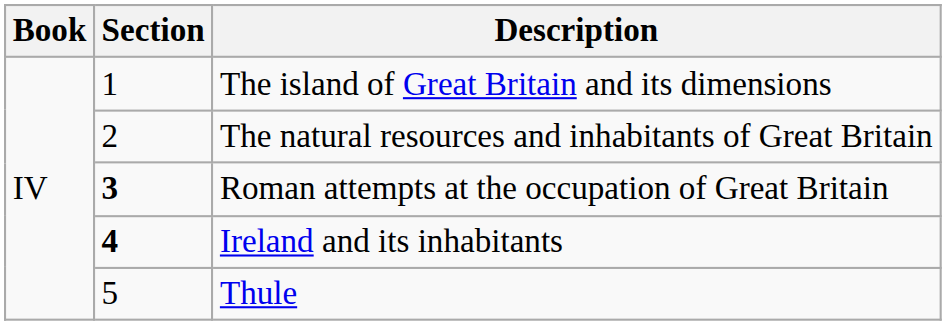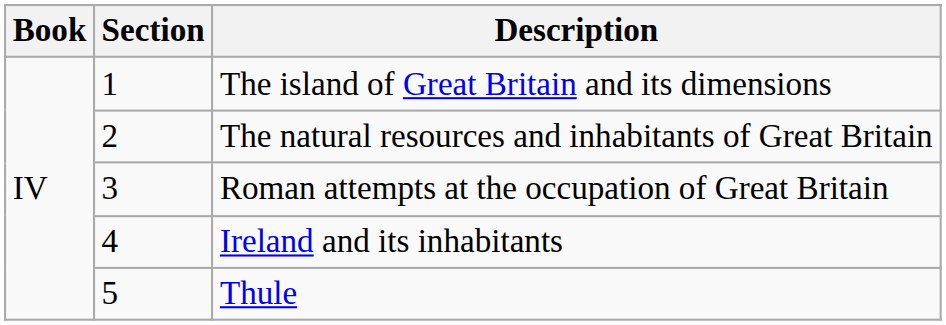 <table class="wikitable" style="max-width:45em;">
 <tr>
 <th>Book</th>
 <th>Section</th>
 <th>Description</th>
 </tr>
 <tr>
 <td rowspan="15">IV</td>
 <td>1</td>
 <td>The island of <a href='#'>Great Britain</a> and its dimensions</td>
 </tr>
 <tr>
 <td>2</td>
 <td>The natural resources and inhabitants of Great Britain</td>
 </tr>
 <tr>
-<td><strong>3</strong></td>
+<td>3</td>
 <td>Roman attempts at the occupation of Great Britain</td>
 </tr>
 <tr>
-<td><strong>4</strong></td>
+<td>4</td>
 <td><a href='#'>Ireland</a> and its inhabitants</td>
 </tr>
 <tr>
 <td>5</td>
 <td><a href='#'>Thule</a></td>
 </tr>
 </table>
